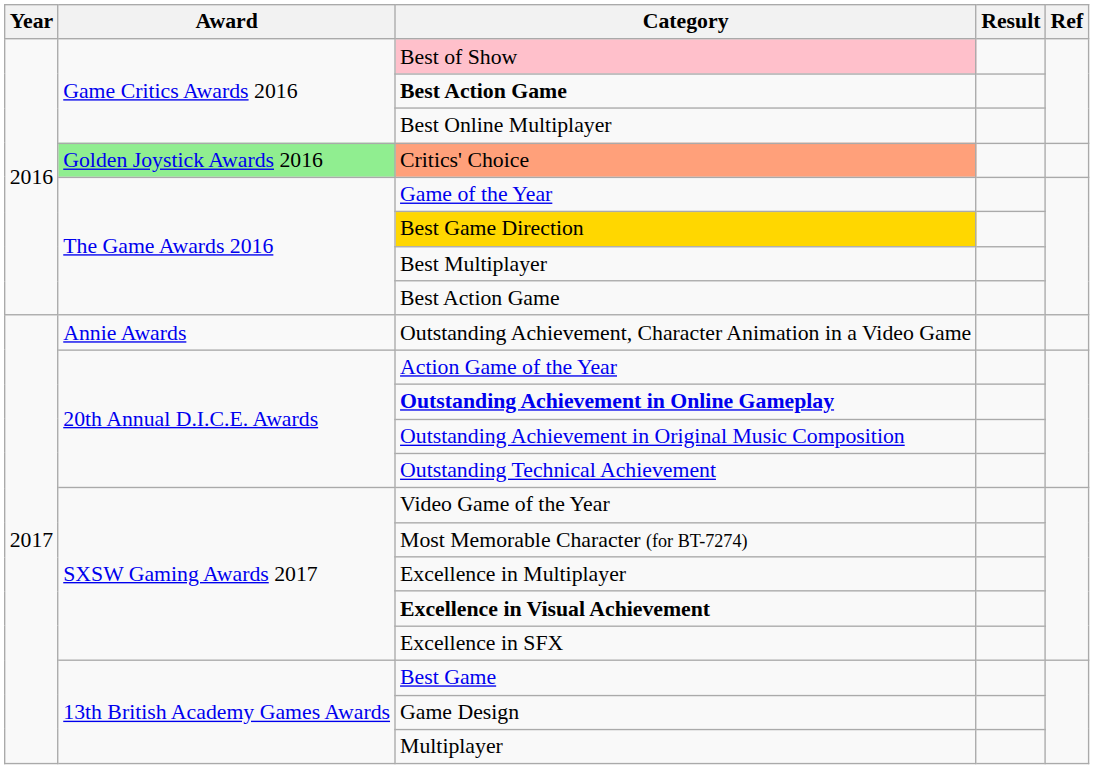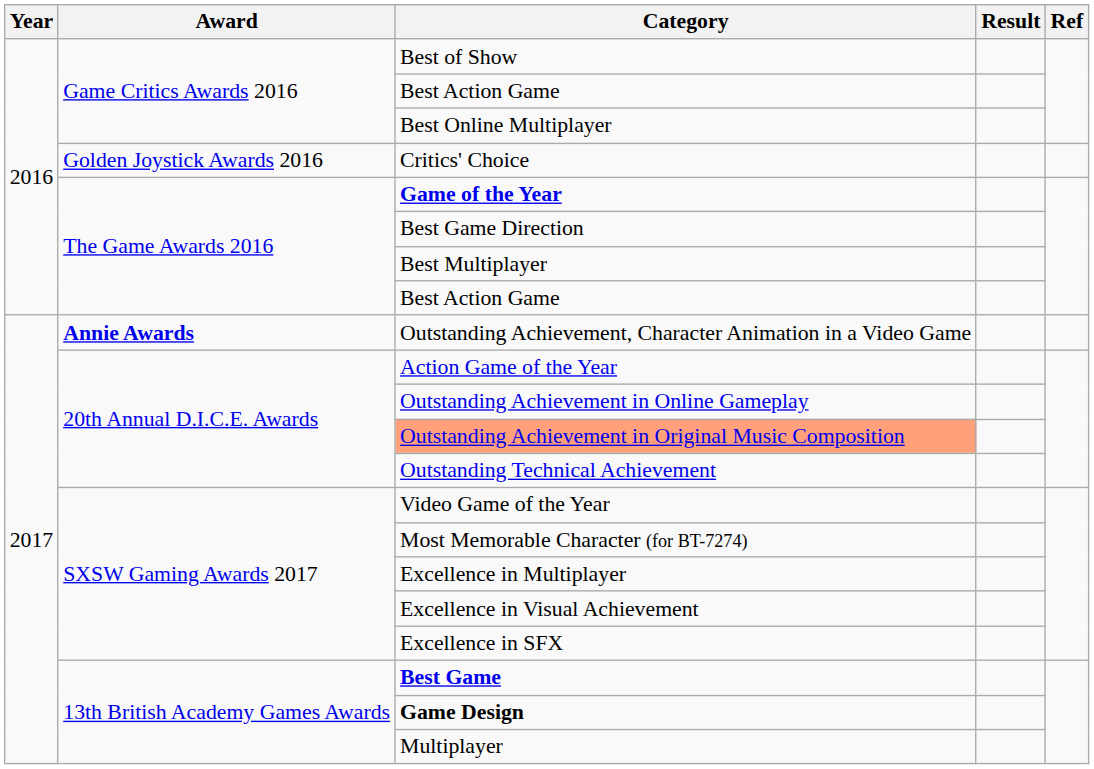 <table class="wikitable sortable">
 <tr>
 <th>Year</th>
 <th>Award</th>
 <th>Category</th>
 <th>Result</th>
 <th>Ref</th>
 </tr>
 <tr>
 <td rowspan="8" style="text-align:center;">2016</td>
 <td rowspan="3"><a href='#'>Game Critics Awards</a> 2016</td>
-<td style="background: pink;">Best of Show</td>
+<td>Best of Show</td>
 <td></td>
 <td rowspan="3" style="text-align:center;"></td>
 </tr>
 <tr>
-<td><strong>Best Action Game</strong></td>
+<td>Best Action Game</td>
 <td></td>
 </tr>
 <tr>
 <td>Best Online Multiplayer</td>
 <td></td>
 </tr>
 <tr>
-<td style="background: lightgreen;"><a href='#'>Golden Joystick Awards</a> 2016</td>
-<td style="background: lightsalmon;">Critics' Choice</td>
+<td><a href='#'>Golden Joystick Awards</a> 2016</td>
+<td>Critics' Choice</td>
 <td></td>
 <td align="center"></td>
 </tr>
 <tr>
 <td rowspan="4"><a href='#'>The Game Awards 2016</a></td>
-<td><a href='#'>Game of the Year</a></td>
+<td><strong><a href='#'>Game of the Year</a></strong></td>
 <td></td>
 <td rowspan="4" style="text-align:center;"></td>
 </tr>
 <tr>
-<td style="background: gold;">Best Game Direction</td>
+<td>Best Game Direction</td>
 <td></td>
 </tr>
 <tr>
 <td>Best Multiplayer</td>
 <td></td>
 </tr>
 <tr>
 <td>Best Action Game</td>
 <td></td>
 </tr>
 <tr>
 <td rowspan="13">2017</td>
-<td><a href='#'>Annie Awards</a></td>
+<td><strong><a href='#'>Annie Awards</a></strong></td>
 <td>Outstanding Achievement, Character Animation in a Video Game</td>
 <td></td>
 <td align="center"></td>
 </tr>
 <tr>
 <td rowspan="4"><a href='#'>20th Annual D.I.C.E. Awards</a></td>
 <td><a href='#'>Action Game of the Year</a></td>
 <td></td>
 <td rowspan="4" style="text-align:center;"></td>
 </tr>
 <tr>
-<td><strong><a href='#'>Outstanding Achievement in Online Gameplay</a></strong></td>
+<td><a href='#'>Outstanding Achievement in Online Gameplay</a></td>
 <td></td>
 </tr>
 <tr>
-<td><a href='#'>Outstanding Achievement in Original Music Composition</a></td>
+<td style="background: lightsalmon;"><a href='#'>Outstanding Achievement in Original Music Composition</a></td>
 <td></td>
 </tr>
 <tr>
 <td><a href='#'>Outstanding Technical Achievement</a></td>
 <td></td>
 </tr>
 <tr>
 <td rowspan="5"><a href='#'>SXSW Gaming Awards</a> 2017</td>
 <td>Video Game of the Year</td>
 <td></td>
 <td rowspan="5" style="text-align:center;"></td>
 </tr>
 <tr>
 <td>Most Memorable Character <small>(for BT-7274)</small></td>
 <td></td>
 </tr>
 <tr>
 <td>Excellence in Multiplayer</td>
 <td></td>
 </tr>
 <tr>
-<td><strong>Excellence in Visual Achievement</strong></td>
+<td>Excellence in Visual Achievement</td>
 <td></td>
 </tr>
 <tr>
 <td>Excellence in SFX</td>
 <td></td>
 </tr>
 <tr>
 <td rowspan="3"><a href='#'>13th British Academy Games Awards</a></td>
-<td><a href='#'>Best Game</a></td>
+<td><strong><a href='#'>Best Game</a></strong></td>
 <td></td>
 <td rowspan="3"></td>
 </tr>
 <tr>
-<td>Game Design</td>
+<td><strong>Game Design</strong></td>
 <td></td>
 </tr>
 <tr>
 <td>Multiplayer</td>
 <td></td>
 </tr>
 </table>
